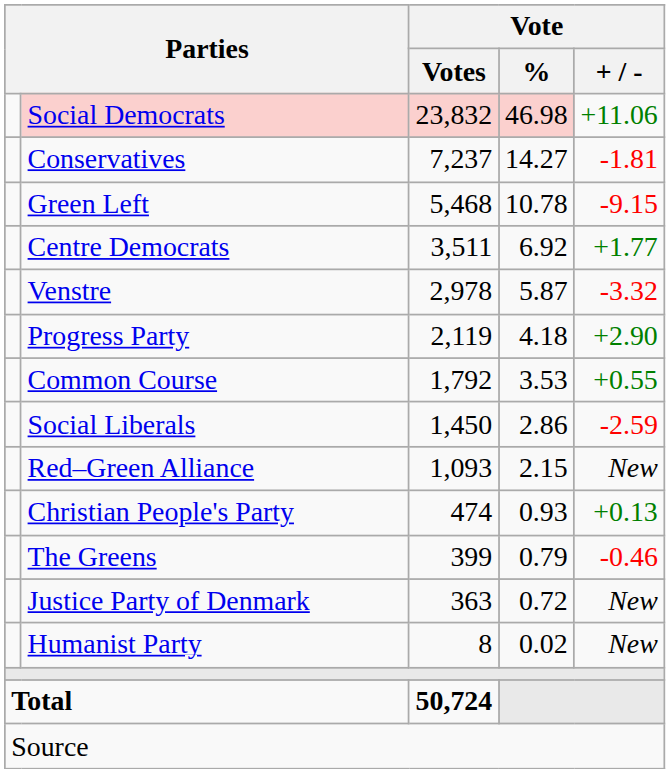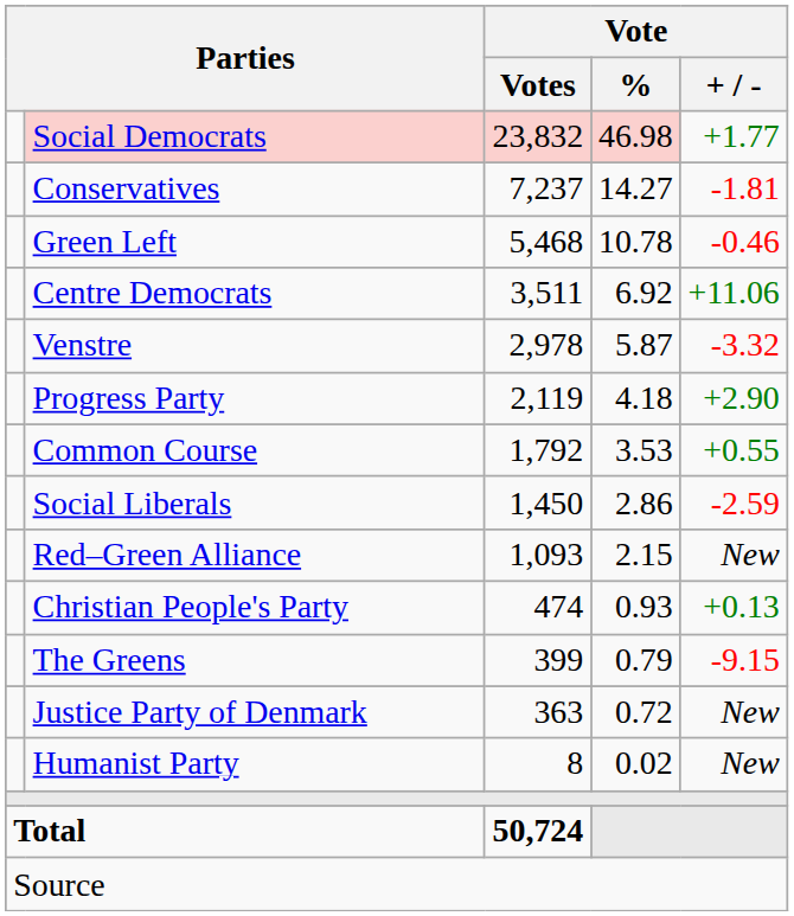 <table class="wikitable" style="text-align:right;">
 <tr>
 <th style="text-align:centre;" rowspan="2" colspan="2" width="225">Parties</th>
 <th colspan="3">Vote</th>
 </tr>
 <tr>
 <th width="15">Votes</th>
 <th width="15">%</th>
 <th width="15">+ / -</th>
 </tr>
 <tr>
 <td width="2" style="color:inherit;background:"></td>
 <td bgcolor=#fbd0ce  align="left"><a href='#'>Social Democrats</a></td>
 <td bgcolor=#fbd0ce>23,832</td>
 <td bgcolor=#fbd0ce>46.98</td>
-<td style=color:green;>+11.06</td>
+<td style=color:green;>+1.77</td>
 </tr>
 <tr>
 <td width="2" style="color:inherit;background:"></td>
 <td align="left"><a href='#'>Conservatives</a></td>
 <td>7,237</td>
 <td>14.27</td>
 <td style=color:red;>-1.81</td>
 </tr>
 <tr>
 <td width="2" style="color:inherit;background:"></td>
 <td align="left"><a href='#'>Green Left</a></td>
 <td>5,468</td>
 <td>10.78</td>
-<td style=color:red;>-9.15</td>
+<td style=color:red;>-0.46</td>
 </tr>
 <tr>
 <td width="2" style="color:inherit;background:"></td>
 <td align="left"><a href='#'>Centre Democrats</a></td>
 <td>3,511</td>
 <td>6.92</td>
-<td style=color:green;>+1.77</td>
+<td style=color:green;>+11.06</td>
 </tr>
 <tr>
 <td width="2" style="color:inherit;background:"></td>
 <td align="left"><a href='#'>Venstre</a></td>
 <td>2,978</td>
 <td>5.87</td>
 <td style=color:red;>-3.32</td>
 </tr>
 <tr>
 <td width="2" style="color:inherit;background:"></td>
 <td align="left"><a href='#'>Progress Party</a></td>
 <td>2,119</td>
 <td>4.18</td>
 <td style=color:green;>+2.90</td>
 </tr>
 <tr>
 <td width="2" style="color:inherit;background:"></td>
 <td align="left"><a href='#'>Common Course</a></td>
 <td>1,792</td>
 <td>3.53</td>
 <td style=color:green;>+0.55</td>
 </tr>
 <tr>
 <td width="2" style="color:inherit;background:"></td>
 <td align="left"><a href='#'>Social Liberals</a></td>
 <td>1,450</td>
 <td>2.86</td>
 <td style=color:red;>-2.59</td>
 </tr>
 <tr>
 <td width="2" style="color:inherit;background:"></td>
 <td align="left"><a href='#'>Red–Green Alliance</a></td>
 <td>1,093</td>
 <td>2.15</td>
 <td><em>New</em></td>
 </tr>
 <tr>
 <td width="2" style="color:inherit;background:"></td>
 <td align="left"><a href='#'>Christian People's Party</a></td>
 <td>474</td>
 <td>0.93</td>
 <td style=color:green;>+0.13</td>
 </tr>
 <tr>
 <td width="2" style="color:inherit;background:"></td>
 <td align="left"><a href='#'>The Greens</a></td>
 <td>399</td>
 <td>0.79</td>
-<td style=color:red;>-0.46</td>
+<td style=color:red;>-9.15</td>
 </tr>
 <tr>
 <td width="2" style="color:inherit;background:"></td>
 <td align="left"><a href='#'>Justice Party of Denmark</a></td>
 <td>363</td>
 <td>0.72</td>
 <td><em>New</em></td>
 </tr>
 <tr>
 <td width="2" style="color:inherit;background:"></td>
 <td align="left"><a href='#'>Humanist Party</a></td>
 <td>8</td>
 <td>0.02</td>
 <td><em>New</em></td>
 </tr>
 <tr>
 <td colspan="7" bgcolor="#E9E9E9"></td>
 </tr>
 <tr>
 <td align="left" colspan="2"><strong>Total</strong></td>
 <td><strong>50,724</strong></td>
 <td bgcolor="#E9E9E9" colspan="2"></td>
 </tr>
 <tr>
 <td align="left" colspan="6">Source</td>
 </tr>
 </table>
